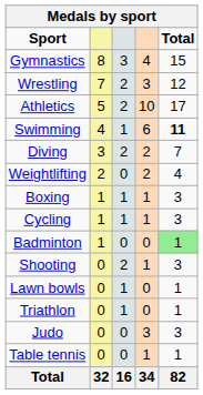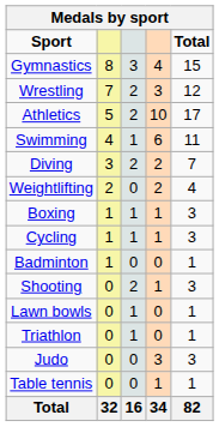 <table class="wikitable" style="font-size:85%; float:right">
 <tr bgcolor=#efefef>
 <th colspan=7>Medals by sport</th>
 </tr>
 <tr align=center>
 <td><strong>Sport</strong></td>
 <td bgcolor=#f7f6a8></td>
 <td bgcolor=#dce5e5></td>
 <td bgcolor=#ffdab9></td>
 <td><strong>Total</strong></td>
 </tr>
 <tr align=center>
 <td><a href='#'>Gymnastics</a></td>
 <td bgcolor=#f7f6a8>8</td>
 <td bgcolor=#dce5e5>3</td>
 <td bgcolor=#ffdab9>4</td>
 <td>15</td>
 </tr>
 <tr align=center>
 <td><a href='#'>Wrestling</a></td>
 <td bgcolor=#f7f6a8>7</td>
 <td bgcolor=#dce5e5>2</td>
 <td bgcolor=#ffdab9>3</td>
 <td>12</td>
 </tr>
 <tr align=center>
 <td><a href='#'>Athletics</a></td>
 <td bgcolor=#f7f6a8>5</td>
 <td bgcolor=#dce5e5>2</td>
 <td bgcolor=#ffdab9>10</td>
 <td>17</td>
 </tr>
 <tr align=center>
 <td><a href='#'>Swimming</a></td>
 <td bgcolor=#f7f6a8>4</td>
 <td bgcolor=#dce5e5>1</td>
 <td bgcolor=#ffdab9>6</td>
-<td><strong>11</strong></td>
+<td>11</td>
 </tr>
 <tr align=center>
 <td><a href='#'>Diving</a></td>
 <td bgcolor=#f7f6a8>3</td>
 <td bgcolor=#dce5e5>2</td>
 <td bgcolor=#ffdab9>2</td>
 <td>7</td>
 </tr>
 <tr align=center>
 <td><a href='#'>Weightlifting</a></td>
 <td bgcolor=#f7f6a8>2</td>
 <td bgcolor=#dce5e5>0</td>
 <td bgcolor=#ffdab9>2</td>
 <td>4</td>
 </tr>
 <tr align=center>
 <td><a href='#'>Boxing</a></td>
 <td bgcolor=#f7f6a8>1</td>
 <td bgcolor=#dce5e5>1</td>
 <td bgcolor=#ffdab9>1</td>
 <td>3</td>
 </tr>
 <tr align=center>
 <td><a href='#'>Cycling</a></td>
 <td bgcolor=#f7f6a8>1</td>
 <td bgcolor=#dce5e5>1</td>
 <td bgcolor=#ffdab9>1</td>
 <td>3</td>
 </tr>
 <tr align=center>
 <td><a href='#'>Badminton</a></td>
 <td bgcolor=#f7f6a8>1</td>
 <td bgcolor=#dce5e5>0</td>
 <td bgcolor=#ffdab9>0</td>
-<td style="background: lightgreen;">1</td>
+<td>1</td>
 </tr>
 <tr align=center>
 <td><a href='#'>Shooting</a></td>
 <td bgcolor=#f7f6a8>0</td>
 <td bgcolor=#dce5e5>2</td>
 <td bgcolor=#ffdab9>1</td>
 <td>3</td>
 </tr>
 <tr align=center>
 <td><a href='#'>Lawn bowls</a></td>
 <td bgcolor=#f7f6a8>0</td>
 <td bgcolor=#dce5e5>1</td>
 <td bgcolor=#ffdab9>0</td>
 <td>1</td>
 </tr>
 <tr align=center>
 <td><a href='#'>Triathlon</a></td>
 <td bgcolor=#f7f6a8>0</td>
 <td bgcolor=#dce5e5>1</td>
 <td bgcolor=#ffdab9>0</td>
 <td>1</td>
 </tr>
 <tr align=center>
 <td><a href='#'>Judo</a></td>
 <td bgcolor=#f7f6a8>0</td>
 <td bgcolor=#dce5e5>0</td>
 <td bgcolor=#ffdab9>3</td>
 <td>3</td>
 </tr>
 <tr align=center>
 <td><a href='#'>Table tennis</a></td>
 <td bgcolor=#f7f6a8>0</td>
 <td bgcolor=#dce5e5>0</td>
 <td bgcolor=#ffdab9>1</td>
 <td>1</td>
 </tr>
 <tr align=center>
 <th>Total</th>
 <th bgcolor=gold>32</th>
 <th bgcolor=silver>16</th>
 <th bgcolor=#c96>34</th>
 <th>82</th>
 </tr>
 </table>
